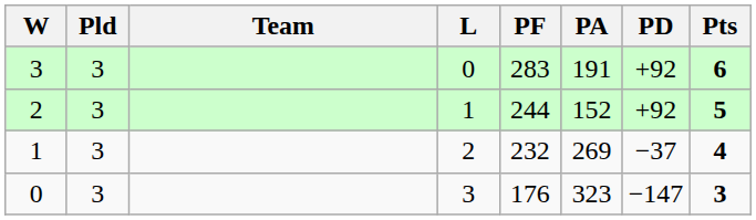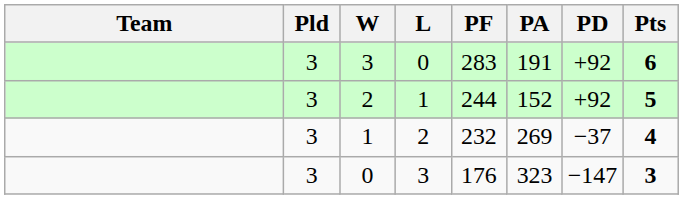 <table class=wikitable style="text-align:center">
 <tr>
+<th width=180>Team</th>
+<th width=30>Pld</th>
 <th width=30>W</th>
-<th width=30>Pld</th>
-<th width=180>Team</th>
 <th width=30>L</th>
 <th width=30>PF</th>
 <th width=30>PA</th>
 <th width=30>PD</th>
 <th width=30>Pts</th>
 </tr>
 <tr bgcolor="#ccffcc">
+<td align="left"></td>
 <td>3</td>
 <td>3</td>
-<td align="left"></td>
 <td>0</td>
 <td>283</td>
 <td>191</td>
 <td>+92</td>
 <td><strong>6</strong></td>
 </tr>
 <tr bgcolor="#ccffcc">
+<td align="left"></td>
+<td>3</td>
 <td>2</td>
-<td>3</td>
-<td align="left"></td>
 <td>1</td>
 <td>244</td>
 <td>152</td>
 <td>+92</td>
 <td><strong>5</strong></td>
 </tr>
 <tr>
+<td align="left"></td>
+<td>3</td>
 <td>1</td>
-<td>3</td>
-<td align="left"></td>
 <td>2</td>
 <td>232</td>
 <td>269</td>
 <td>−37</td>
 <td><strong>4</strong></td>
 </tr>
 <tr>
+<td align="left"></td>
+<td>3</td>
 <td>0</td>
-<td>3</td>
-<td align="left"></td>
 <td>3</td>
 <td>176</td>
 <td>323</td>
 <td>−147</td>
 <td><strong>3</strong></td>
 </tr>
 </table>
